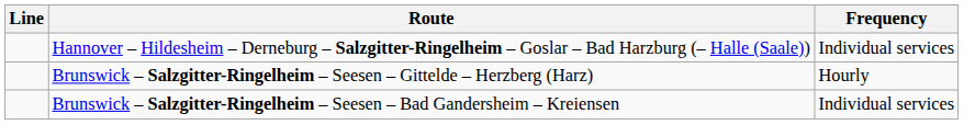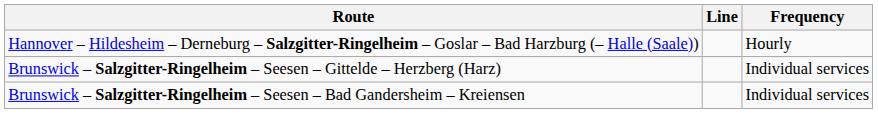 <table class="wikitable">
 <tr>
+<th>Route</th>
 <th>Line</th>
-<th>Route</th>
 <th>Frequency</th>
 </tr>
 <tr>
+<td><a href='#'>Hannover</a> – <a href='#'>Hildesheim</a> – Derneburg – <strong>Salzgitter-Ringelheim</strong> – Goslar – Bad Harzburg (– <a href='#'>Halle (Saale)</a>)</td>
 <td></td>
-<td><a href='#'>Hannover</a> – <a href='#'>Hildesheim</a> – Derneburg – <strong>Salzgitter-Ringelheim</strong> – Goslar – Bad Harzburg (– <a href='#'>Halle (Saale)</a>)</td>
+<td>Hourly</td>
+</tr>
+<tr>
+<td><a href='#'>Brunswick</a> – <strong>Salzgitter-Ringelheim</strong> – Seesen – Gittelde – Herzberg (Harz)</td>
+<td></td>
 <td>Individual services</td>
 </tr>
 <tr>
+<td><a href='#'>Brunswick</a> – <strong>Salzgitter-Ringelheim</strong> – Seesen – Bad Gandersheim – Kreiensen</td>
 <td></td>
-<td><a href='#'>Brunswick</a> – <strong>Salzgitter-Ringelheim</strong> – Seesen – Gittelde – Herzberg (Harz)</td>
-<td>Hourly</td>
-</tr>
-<tr>
-<td></td>
-<td><a href='#'>Brunswick</a> – <strong>Salzgitter-Ringelheim</strong> – Seesen – Bad Gandersheim – Kreiensen</td>
 <td>Individual services</td>
 </tr>
 </table>
